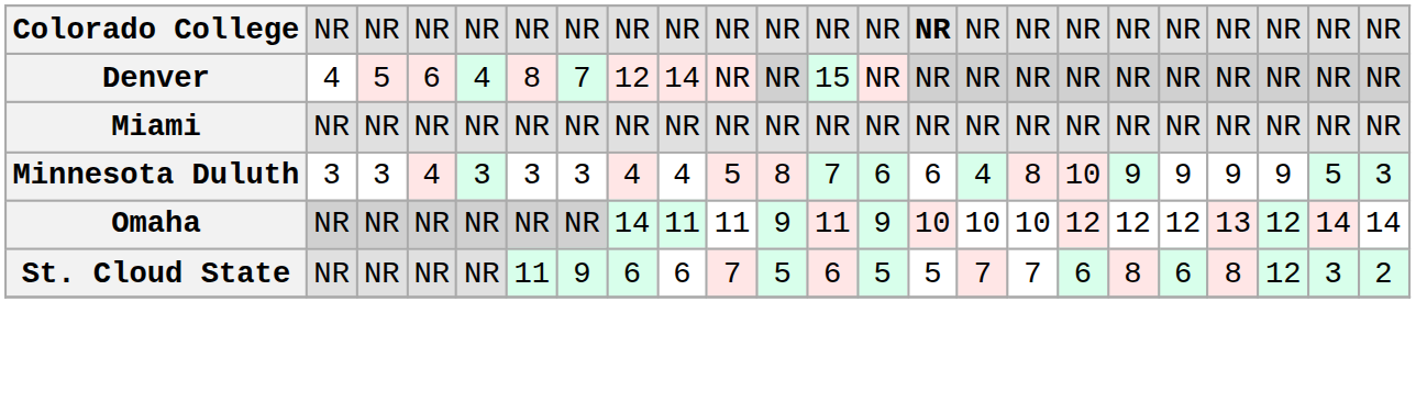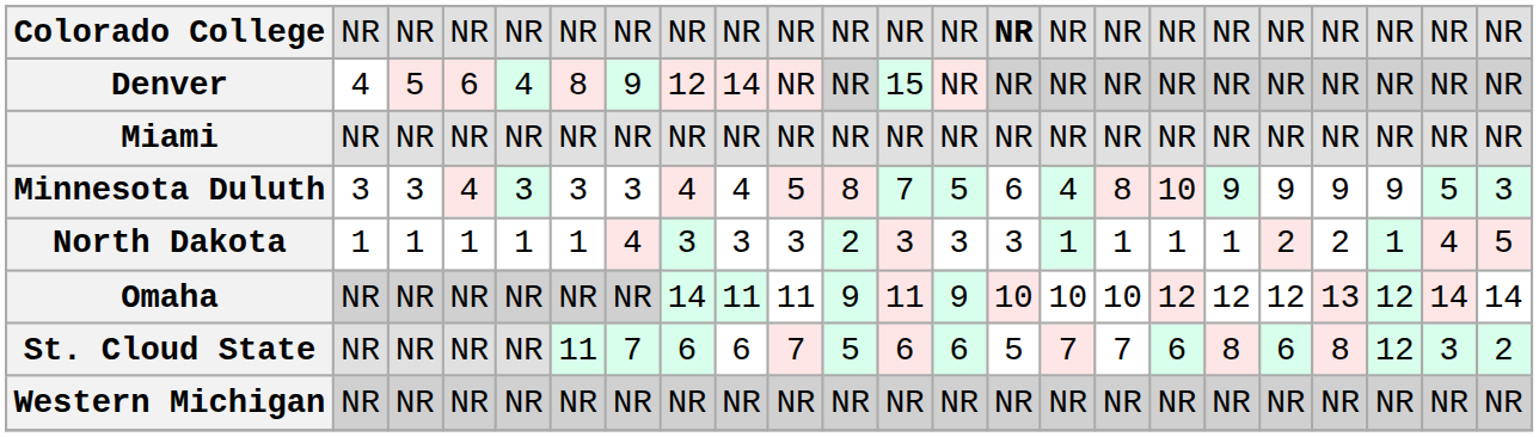 <table class="wikitable sortable" style="text-align: center;">
 <tr>
 </tr>
 <tr>
 <th>Colorado College</th>
 <td bgcolor=e0e0e0>NR</td>
 <td bgcolor=e0e0e0>NR</td>
 <td bgcolor=e0e0e0>NR</td>
 <td bgcolor=e0e0e0>NR</td>
 <td bgcolor=e0e0e0>NR</td>
 <td bgcolor=e0e0e0>NR</td>
 <td bgcolor=e0e0e0>NR</td>
 <td bgcolor=e0e0e0>NR</td>
 <td bgcolor=e0e0e0>NR</td>
 <td bgcolor=e0e0e0>NR</td>
 <td bgcolor=e0e0e0>NR</td>
 <td bgcolor=e0e0e0>NR</td>
 <td bgcolor=e0e0e0><strong>NR</strong></td>
 <td bgcolor=e0e0e0>NR</td>
 <td bgcolor=e0e0e0>NR</td>
 <td bgcolor=e0e0e0>NR</td>
 <td bgcolor=e0e0e0>NR</td>
 <td bgcolor=e0e0e0>NR</td>
 <td bgcolor=e0e0e0>NR</td>
 <td bgcolor=e0e0e0>NR</td>
 <td bgcolor=e0e0e0>NR</td>
 <td bgcolor=e0e0e0>NR</td>
 </tr>
 <tr bgcolor=f0f0f0>
 <th>Denver</th>
 <td bgcolor=FFFFFF>4</td>
 <td bgcolor=FFE6E6>5</td>
 <td bgcolor=FFE6E6>6</td>
 <td bgcolor=D8FFEB>4</td>
 <td bgcolor=FFE6E6>8</td>
-<td bgcolor=D8FFEB>7</td>
+<td bgcolor=D8FFEB>9</td>
 <td bgcolor=FFE6E6>12</td>
 <td bgcolor=FFE6E6>14</td>
 <td bgcolor=FFE6E6>NR</td>
 <td bgcolor=d0d0d0>NR</td>
 <td bgcolor=D8FFEB>15</td>
 <td bgcolor=FFE6E6>NR</td>
 <td bgcolor=d0d0d0>NR</td>
 <td bgcolor=d0d0d0>NR</td>
 <td bgcolor=d0d0d0>NR</td>
 <td bgcolor=d0d0d0>NR</td>
 <td bgcolor=d0d0d0>NR</td>
 <td bgcolor=d0d0d0>NR</td>
 <td bgcolor=d0d0d0>NR</td>
 <td bgcolor=d0d0d0>NR</td>
 <td bgcolor=d0d0d0>NR</td>
 <td bgcolor=d0d0d0>NR</td>
 </tr>
 <tr>
 <th>Miami</th>
 <td bgcolor=e0e0e0>NR</td>
 <td bgcolor=e0e0e0>NR</td>
 <td bgcolor=e0e0e0>NR</td>
 <td bgcolor=e0e0e0>NR</td>
 <td bgcolor=e0e0e0>NR</td>
 <td bgcolor=e0e0e0>NR</td>
 <td bgcolor=e0e0e0>NR</td>
 <td bgcolor=e0e0e0>NR</td>
 <td bgcolor=e0e0e0>NR</td>
 <td bgcolor=e0e0e0>NR</td>
 <td bgcolor=e0e0e0>NR</td>
 <td bgcolor=e0e0e0>NR</td>
 <td bgcolor=e0e0e0>NR</td>
 <td bgcolor=e0e0e0>NR</td>
 <td bgcolor=e0e0e0>NR</td>
 <td bgcolor=e0e0e0>NR</td>
 <td bgcolor=e0e0e0>NR</td>
 <td bgcolor=e0e0e0>NR</td>
 <td bgcolor=e0e0e0>NR</td>
 <td bgcolor=e0e0e0>NR</td>
 <td bgcolor=e0e0e0>NR</td>
 <td bgcolor=e0e0e0>NR</td>
 </tr>
 <tr bgcolor=f0f0f0>
 <th>Minnesota Duluth</th>
 <td bgcolor=FFFFFF>3</td>
 <td bgcolor=FFFFFF>3</td>
 <td bgcolor=FFE6E6>4</td>
 <td bgcolor=D8FFEB>3</td>
 <td bgcolor=FFFFFF>3</td>
 <td bgcolor=FFFFFF>3</td>
 <td bgcolor=FFE6E6>4</td>
 <td bgcolor=FFFFFF>4</td>
 <td bgcolor=FFE6E6>5</td>
 <td bgcolor=FFE6E6>8</td>
 <td bgcolor=D8FFEB>7</td>
-<td bgcolor=D8FFEB>6</td>
+<td bgcolor=D8FFEB>5</td>
 <td bgcolor=FFFFFF>6</td>
 <td bgcolor=D8FFEB>4</td>
 <td bgcolor=FFE6E6>8</td>
 <td bgcolor=FFE6E6>10</td>
 <td bgcolor=D8FFEB>9</td>
 <td bgcolor=FFFFFF>9</td>
 <td bgcolor=FFFFFF>9</td>
 <td bgcolor=FFFFFF>9</td>
 <td bgcolor=D8FFEB>5</td>
 <td bgcolor=D8FFEB>3</td>
+</tr>
+<tr>
+<th>North Dakota</th>
+<td bgcolor=FFFFFF>1</td>
+<td bgcolor=FFFFFF>1</td>
+<td bgcolor=FFFFFF>1</td>
+<td bgcolor=FFFFFF>1</td>
+<td bgcolor=FFFFFF>1</td>
+<td bgcolor=FFE6E6>4</td>
+<td bgcolor=D8FFEB>3</td>
+<td bgcolor=FFFFFF>3</td>
+<td bgcolor=FFFFFF>3</td>
+<td bgcolor=D8FFEB>2</td>
+<td bgcolor=FFE6E6>3</td>
+<td bgcolor=FFFFFF>3</td>
+<td bgcolor=FFFFFF>3</td>
+<td bgcolor=D8FFEB>1</td>
+<td bgcolor=FFFFFF>1</td>
+<td bgcolor=FFFFFF>1</td>
+<td bgcolor=FFFFFF>1</td>
+<td bgcolor=FFE6E6>2</td>
+<td bgcolor=FFFFFF>2</td>
+<td bgcolor=D8FFEB>1</td>
+<td bgcolor=FFE6E6>4</td>
+<td bgcolor=FFE6E6>5</td>
 </tr>
 <tr bgcolor=f0f0f0>
 <th>Omaha</th>
 <td bgcolor=d0d0d0>NR</td>
 <td bgcolor=d0d0d0>NR</td>
 <td bgcolor=d0d0d0>NR</td>
 <td bgcolor=d0d0d0>NR</td>
 <td bgcolor=d0d0d0>NR</td>
 <td bgcolor=d0d0d0>NR</td>
 <td bgcolor=D8FFEB>14</td>
 <td bgcolor=D8FFEB>11</td>
 <td bgcolor=FFFFFF>11</td>
 <td bgcolor=D8FFEB>9</td>
 <td bgcolor=FFE6E6>11</td>
 <td bgcolor=D8FFEB>9</td>
 <td bgcolor=FFE6E6>10</td>
 <td bgcolor=FFFFFF>10</td>
 <td bgcolor=FFFFFF>10</td>
 <td bgcolor=FFE6E6>12</td>
 <td bgcolor=FFFFFF>12</td>
 <td bgcolor=FFFFFF>12</td>
 <td bgcolor=FFE6E6>13</td>
 <td bgcolor=D8FFEB>12</td>
 <td bgcolor=FFE6E6>14</td>
 <td bgcolor=FFFFFF>14</td>
 </tr>
 <tr>
 <th>St. Cloud State</th>
 <td bgcolor=e0e0e0>NR</td>
 <td bgcolor=e0e0e0>NR</td>
 <td bgcolor=e0e0e0>NR</td>
 <td bgcolor=e0e0e0>NR</td>
 <td bgcolor=D8FFEB>11</td>
-<td bgcolor=D8FFEB>9</td>
+<td bgcolor=D8FFEB>7</td>
 <td bgcolor=D8FFEB>6</td>
 <td bgcolor=FFFFFF>6</td>
 <td bgcolor=FFE6E6>7</td>
 <td bgcolor=D8FFEB>5</td>
 <td bgcolor=FFE6E6>6</td>
-<td bgcolor=D8FFEB>5</td>
+<td bgcolor=D8FFEB>6</td>
 <td bgcolor=FFFFFF>5</td>
 <td bgcolor=FFE6E6>7</td>
 <td bgcolor=FFFFFF>7</td>
 <td bgcolor=D8FFEB>6</td>
 <td bgcolor=FFE6E6>8</td>
 <td bgcolor=D8FFEB>6</td>
 <td bgcolor=FFE6E6>8</td>
 <td bgcolor=D8FFEB>12</td>
 <td bgcolor=D8FFEB>3</td>
 <td bgcolor=D8FFEB>2</td>
 </tr>
+<tr bgcolor=f0f0f0>
+<th>Western Michigan</th>
+<td bgcolor=d0d0d0>NR</td>
+<td bgcolor=d0d0d0>NR</td>
+<td bgcolor=d0d0d0>NR</td>
+<td bgcolor=d0d0d0>NR</td>
+<td bgcolor=d0d0d0>NR</td>
+<td bgcolor=d0d0d0>NR</td>
+<td bgcolor=d0d0d0>NR</td>
+<td bgcolor=d0d0d0>NR</td>
+<td bgcolor=d0d0d0>NR</td>
+<td bgcolor=d0d0d0>NR</td>
+<td bgcolor=d0d0d0>NR</td>
+<td bgcolor=d0d0d0>NR</td>
+<td bgcolor=d0d0d0>NR</td>
+<td bgcolor=d0d0d0>NR</td>
+<td bgcolor=d0d0d0>NR</td>
+<td bgcolor=d0d0d0>NR</td>
+<td bgcolor=d0d0d0>NR</td>
+<td bgcolor=d0d0d0>NR</td>
+<td bgcolor=d0d0d0>NR</td>
+<td bgcolor=d0d0d0>NR</td>
+<td bgcolor=d0d0d0>NR</td>
+<td bgcolor=d0d0d0>NR</td>
+</tr>
 <tr>
 </tr>
 </table>
